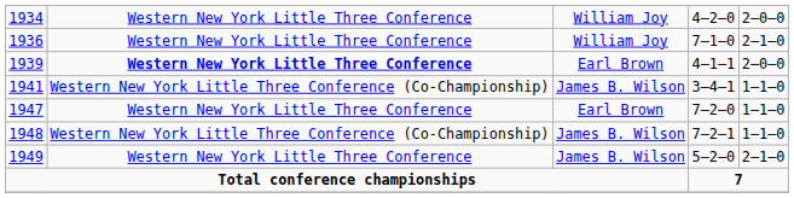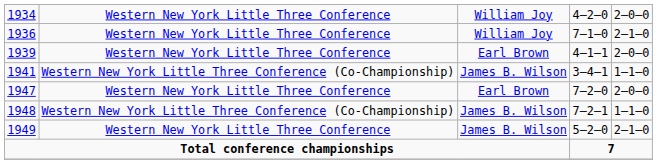 <table class="wikitable" style="text-align:center;">
 <tr>
 <td><a href='#'>1934</a></td>
 <td><a href='#'>Western New York Little Three Conference</a></td>
 <td><a href='#'>William Joy</a></td>
 <td>4–2–0</td>
 <td>2–0–0</td>
 </tr>
 <tr>
 <td><a href='#'>1936</a></td>
 <td><a href='#'>Western New York Little Three Conference</a></td>
 <td><a href='#'>William Joy</a></td>
 <td>7–1–0</td>
 <td>2–1–0</td>
 </tr>
 <tr>
 <td><a href='#'>1939</a></td>
-<td><strong><a href='#'>Western New York Little Three Conference</a></strong></td>
+<td><a href='#'>Western New York Little Three Conference</a></td>
 <td><a href='#'>Earl Brown</a></td>
 <td>4–1–1</td>
 <td>2–0–0</td>
 </tr>
 <tr>
 <td><a href='#'>1941</a></td>
 <td><a href='#'>Western New York Little Three Conference</a> (Co-Championship)</td>
 <td><a href='#'>James B. Wilson</a></td>
 <td>3–4–1</td>
 <td>1–1–0</td>
 </tr>
 <tr>
 <td><a href='#'>1947</a></td>
 <td><a href='#'>Western New York Little Three Conference</a></td>
 <td><a href='#'>Earl Brown</a></td>
 <td>7–2–0</td>
-<td>1–1–0</td>
+<td>2–0–0</td>
 </tr>
 <tr>
 <td><a href='#'>1948</a></td>
 <td><a href='#'>Western New York Little Three Conference</a> (Co-Championship)</td>
 <td><a href='#'>James B. Wilson</a></td>
 <td>7–2–1</td>
 <td>1–1–0</td>
 </tr>
 <tr>
 <td><a href='#'>1949</a></td>
 <td><a href='#'>Western New York Little Three Conference</a></td>
 <td><a href='#'>James B. Wilson</a></td>
 <td>5–2–0</td>
 <td>2–1–0</td>
 </tr>
 <tr>
 <td colspan=3><strong>Total conference championships</strong></td>
 <td colspan=2><strong>7</strong></td>
 </tr>
 <tr>
 </tr>
 </table>
